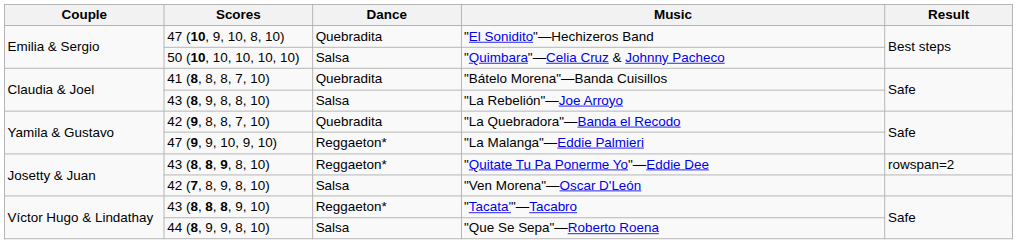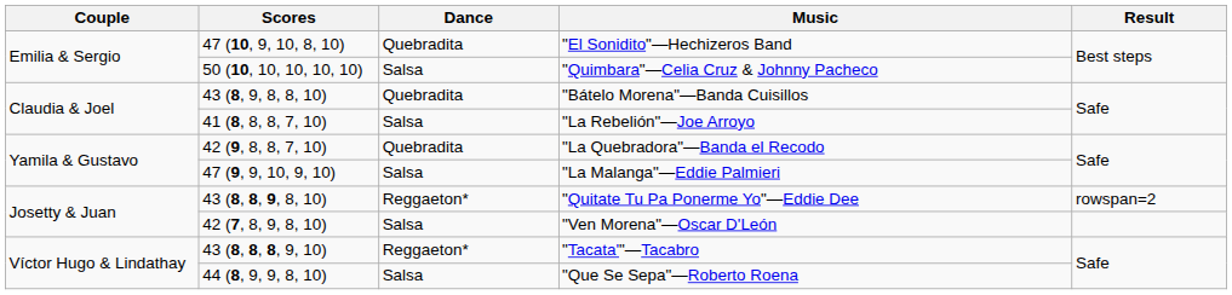 <table class="wikitable sortable" style="width:95%; white-space:nowrap;">
 <tr>
 <th style="width:15%;">Couple<br></th>
 <th style="width:14%;">Scores</th>
 <th style="width:14%;">Dance</th>
 <th style="width:40%;">Music</th>
 <th style="width:12%;">Result</th>
 </tr>
 <tr>
 <td rowspan=2>Emilia & Sergio<br></td>
 <td>47 (<strong>10</strong>, 9, 10, 8, 10)</td>
 <td>Quebradita</td>
 <td>"<a href='#'>El Sonidito</a>"—Hechizeros Band</td>
 <td rowspan=2>Best steps</td>
 </tr>
 <tr>
 <td>50 (<strong>10</strong>, 10, 10, 10, 10)</td>
 <td>Salsa</td>
 <td>"<a href='#'>Quimbara</a>"—<a href='#'>Celia Cruz</a> & <a href='#'>Johnny Pacheco</a></td>
 </tr>
 <tr>
 <td rowspan=2>Claudia & Joel<br></td>
-<td>41 (<strong>8</strong>, 8, 8, 7, 10)</td>
+<td>43 (<strong>8</strong>, 9, 8, 8, 10)</td>
 <td>Quebradita</td>
 <td>"Bátelo Morena"—Banda Cuisillos</td>
 <td rowspan=2>Safe</td>
 </tr>
 <tr>
-<td>43 (<strong>8</strong>, 9, 8, 8, 10)</td>
+<td>41 (<strong>8</strong>, 8, 8, 7, 10)</td>
 <td>Salsa</td>
 <td>"La Rebelión"—<a href='#'>Joe Arroyo</a></td>
 </tr>
 <tr>
 <td rowspan=2>Yamila & Gustavo<br></td>
 <td>42 (<strong>9</strong>, 8, 8, 7, 10)</td>
 <td>Quebradita</td>
 <td>"La Quebradora"—<a href='#'>Banda el Recodo</a></td>
 <td rowspan=2>Safe</td>
 </tr>
 <tr>
 <td>47 (<strong>9</strong>, 9, 10, 9, 10)</td>
-<td>Reggaeton*</td>
+<td>Salsa</td>
 <td>"La Malanga"—<a href='#'>Eddie Palmieri</a></td>
 </tr>
 <tr>
 <td rowspan=2>Josetty & Juan<br></td>
 <td>43 (<strong>8</strong>, <strong>8</strong>, <strong>9</strong>, 8, 10)</td>
 <td>Reggaeton*</td>
 <td>"<a href='#'>Quitate Tu Pa Ponerme Yo</a>"—<a href='#'>Eddie Dee</a></td>
 <td>rowspan=2 </td>
 </tr>
 <tr>
 <td>42 (<strong>7</strong>, 8, 9, 8, 10)</td>
 <td>Salsa</td>
 <td>"Ven Morena"—<a href='#'>Oscar D'León</a></td>
 </tr>
 <tr>
 <td rowspan=2>Víctor Hugo & Lindathay<br></td>
 <td>43 (<strong>8</strong>, <strong>8</strong>, <strong>8</strong>, 9, 10)</td>
 <td>Reggaeton*</td>
 <td>"<a href='#'>Tacata'</a>"—<a href='#'>Tacabro</a></td>
 <td rowspan=2>Safe</td>
 </tr>
 <tr>
 <td>44 (<strong>8</strong>, 9, 9, 8, 10)</td>
 <td>Salsa</td>
 <td>"Que Se Sepa"—<a href='#'>Roberto Roena</a></td>
 </tr>
 </table>
